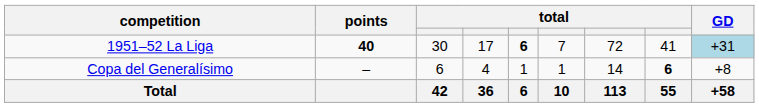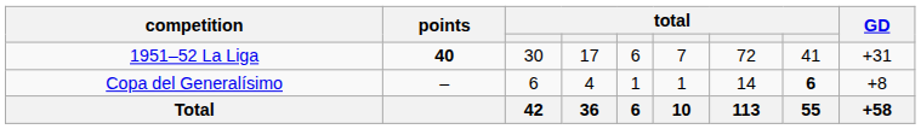 <table class="wikitable" style="font-size:90%;width:60%;float:left;text-align:center;">
 <tr>
 <th rowspan="2">competition</th>
 <th rowspan="2">points</th>
 <th colspan="6">total</th>
 <th rowspan="2"><a href='#'>GD</a></th>
 </tr>
 <tr>
 <th></th>
 <th></th>
 <th></th>
 <th></th>
 <th></th>
 <th></th>
 </tr>
 <tr>
 <td><a href='#'>1951–52 La Liga</a></td>
 <td><strong>40</strong></td>
 <td>30</td>
 <td>17</td>
-<td><strong>6</strong></td>
+<td>6</td>
 <td>7</td>
 <td>72</td>
 <td>41</td>
-<td style="background: lightblue;">+31</td>
+<td>+31</td>
 </tr>
 <tr>
 <td><a href='#'>Copa del Generalísimo</a></td>
 <td>–</td>
 <td>6</td>
 <td>4</td>
 <td>1</td>
 <td>1</td>
 <td>14</td>
 <td><strong>6</strong></td>
 <td>+8</td>
 </tr>
 <tr>
 <th>Total</th>
 <th></th>
 <th>42</th>
 <th>36</th>
 <th>6</th>
 <th>10</th>
 <th>113</th>
 <th>55</th>
 <th>+58</th>
 </tr>
 </table>
